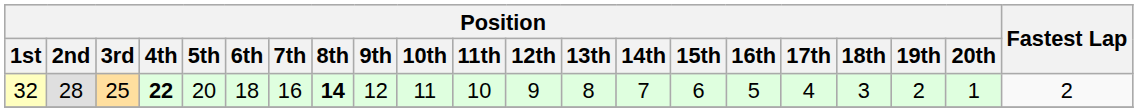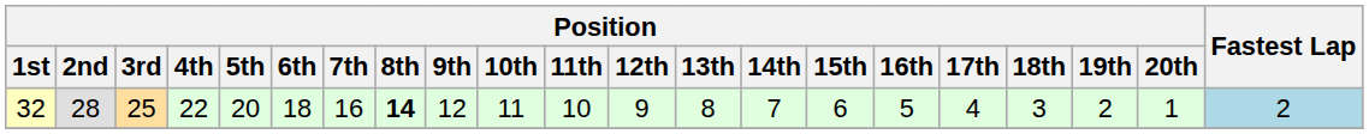 <table class="wikitable" style="font-size: 85%;">
 <tr>
 <th colspan=20>Position</th>
 <th rowspan=2>Fastest Lap</th>
 </tr>
 <tr>
 <th>1st</th>
 <th>2nd</th>
 <th>3rd</th>
 <th>4th</th>
 <th>5th</th>
 <th>6th</th>
 <th>7th</th>
 <th>8th</th>
 <th>9th</th>
 <th>10th</th>
 <th>11th</th>
 <th>12th</th>
 <th>13th</th>
 <th>14th</th>
 <th>15th</th>
 <th>16th</th>
 <th>17th</th>
 <th>18th</th>
 <th>19th</th>
 <th>20th</th>
 </tr>
 <tr>
 <td style="background:#FFFFBF;" align="center">32</td>
 <td style="background:#DFDFDF;" align="center">28</td>
 <td style="background:#FFDF9F;" align="center">25</td>
-<td style="background:#DFFFDF;" align="center"><strong>22</strong></td>
+<td style="background:#DFFFDF;" align="center">22</td>
 <td style="background:#DFFFDF;" align="center">20</td>
 <td style="background:#DFFFDF;" align="center">18</td>
 <td style="background:#DFFFDF;" align="center">16</td>
 <td style="background:#DFFFDF;" align="center"><strong>14</strong></td>
 <td style="background:#DFFFDF;" align="center">12</td>
 <td style="background:#DFFFDF;" align="center">11</td>
 <td style="background:#DFFFDF;" align="center">10</td>
 <td style="background:#DFFFDF;" align="center">9</td>
 <td style="background:#DFFFDF;" align="center">8</td>
 <td style="background:#DFFFDF;" align="center">7</td>
 <td style="background:#DFFFDF;" align="center">6</td>
 <td style="background:#DFFFDF;" align="center">5</td>
 <td style="background:#DFFFDF;" align="center">4</td>
 <td style="background:#DFFFDF;" align="center">3</td>
 <td style="background:#DFFFDF;" align="center">2</td>
 <td style="background:#DFFFDF;" align="center">1</td>
-<td align=center>2</td>
+<td align=center style="background: lightblue;">2</td>
 </tr>
 <tr>
 </tr>
 </table>
